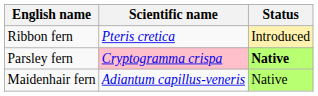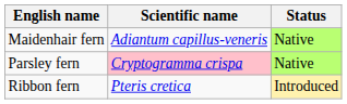 <table class="wikitable" |>
 <tr>
 <th>English name</th>
 <th>Scientific name</th>
 <th>Status</th>
 </tr>
 <tr>
+<td>Maidenhair fern</td>
+<td><em><a href='#'>Adiantum capillus-veneris</a></em></td>
+<td style="background: #B9FF72; text-align: ">Native</td>
+</tr>
+<tr>
+<td>Parsley fern</td>
+<td style="background: pink;"><em><a href='#'>Cryptogramma crispa</a></em></td>
+<td style="background: #B9FF72; text-align: ">Native</td>
+</tr>
+<tr>
 <td>Ribbon fern</td>
 <td><em><a href='#'>Pteris cretica</a></em></td>
 <td style="background: #FFF2AE; text-align: ">Introduced</td>
 </tr>
-<tr>
-<td>Parsley fern</td>
-<td style="background: pink;"><em><a href='#'>Cryptogramma crispa</a></em></td>
-<td style="background: #B9FF72; text-align: "><strong>Native</strong></td>
-</tr>
-<tr>
-<td>Maidenhair fern</td>
-<td><em><a href='#'>Adiantum capillus-veneris</a></em></td>
-<td style="background: #B9FF72; text-align: ">Native</td>
-</tr>
 </table>
